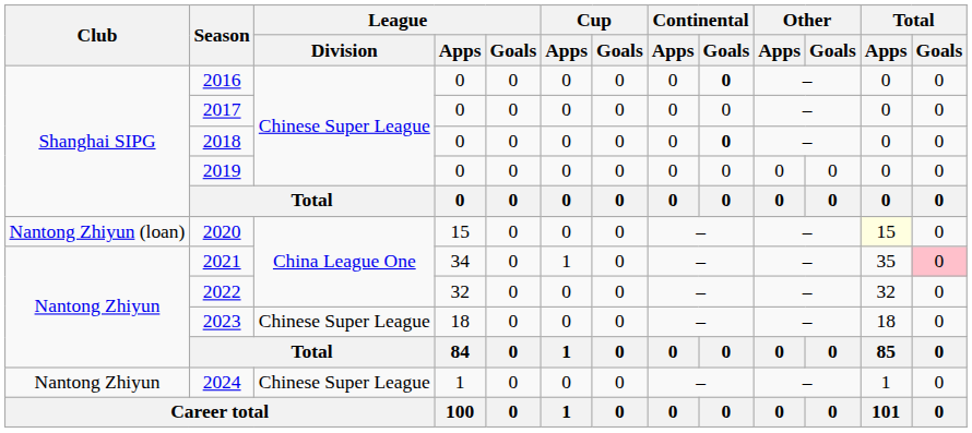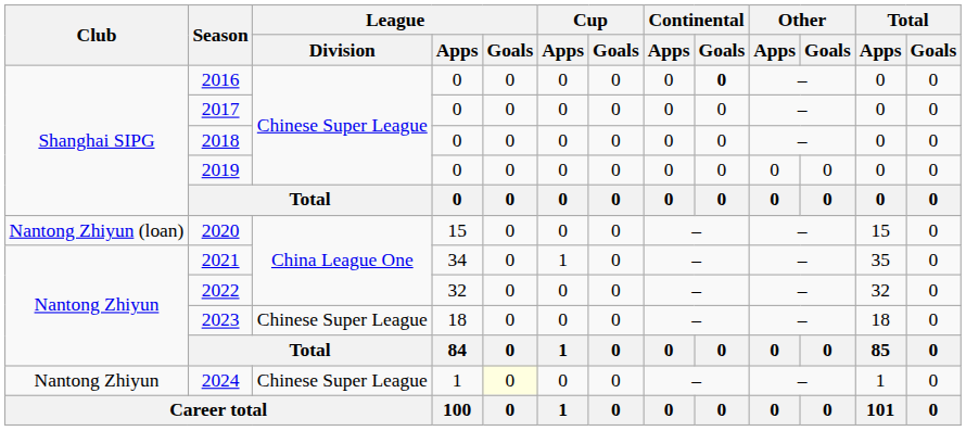 <table class="wikitable" style="text-align: center">
 <tr>
 <th rowspan="2">Club</th>
 <th rowspan="2">Season</th>
 <th colspan="3">League</th>
 <th colspan="2">Cup</th>
 <th colspan="2">Continental</th>
 <th colspan="2">Other</th>
 <th colspan="2">Total</th>
 </tr>
 <tr>
 <th>Division</th>
 <th>Apps</th>
 <th>Goals</th>
 <th>Apps</th>
 <th>Goals</th>
 <th>Apps</th>
 <th>Goals</th>
 <th>Apps</th>
 <th>Goals</th>
 <th>Apps</th>
 <th>Goals</th>
 </tr>
 <tr>
 <td rowspan=5><a href='#'>Shanghai SIPG</a></td>
 <td><a href='#'>2016</a></td>
 <td rowspan=4><a href='#'>Chinese Super League</a></td>
 <td>0</td>
 <td>0</td>
 <td>0</td>
 <td>0</td>
 <td>0</td>
 <td><strong>0</strong></td>
 <td colspan="2">–</td>
 <td>0</td>
 <td>0</td>
 </tr>
 <tr>
 <td><a href='#'>2017</a></td>
 <td>0</td>
 <td>0</td>
 <td>0</td>
 <td>0</td>
 <td>0</td>
 <td>0</td>
 <td colspan="2">–</td>
 <td>0</td>
 <td>0</td>
 </tr>
 <tr>
 <td><a href='#'>2018</a></td>
 <td>0</td>
 <td>0</td>
 <td>0</td>
 <td>0</td>
 <td>0</td>
-<td><strong>0</strong></td>
+<td>0</td>
 <td colspan="2">–</td>
 <td>0</td>
 <td>0</td>
 </tr>
 <tr>
 <td><a href='#'>2019</a></td>
 <td>0</td>
 <td>0</td>
 <td>0</td>
 <td>0</td>
 <td>0</td>
 <td>0</td>
 <td>0</td>
 <td>0</td>
 <td>0</td>
 <td>0</td>
 </tr>
 <tr>
 <th colspan=2>Total</th>
 <th>0</th>
 <th>0</th>
 <th>0</th>
 <th>0</th>
 <th>0</th>
 <th>0</th>
 <th>0</th>
 <th>0</th>
 <th>0</th>
 <th>0</th>
 </tr>
 <tr>
 <td><a href='#'>Nantong Zhiyun</a> (loan)</td>
 <td><a href='#'>2020</a></td>
 <td rowspan="3"><a href='#'>China League One</a></td>
 <td>15</td>
 <td>0</td>
 <td>0</td>
 <td>0</td>
 <td colspan="2">–</td>
 <td colspan="2">–</td>
-<td style="background: lightyellow;">15</td>
+<td>15</td>
 <td>0</td>
 </tr>
 <tr>
 <td rowspan="4"><a href='#'>Nantong Zhiyun</a></td>
 <td><a href='#'>2021</a></td>
 <td>34</td>
 <td>0</td>
 <td>1</td>
 <td>0</td>
 <td colspan="2">–</td>
 <td colspan="2">–</td>
 <td>35</td>
-<td style="background: pink;">0</td>
+<td>0</td>
 </tr>
 <tr>
 <td><a href='#'>2022</a></td>
 <td>32</td>
 <td>0</td>
 <td>0</td>
 <td>0</td>
 <td colspan="2">–</td>
 <td colspan="2">–</td>
 <td>32</td>
 <td>0</td>
 </tr>
 <tr>
 <td><a href='#'>2023</a></td>
 <td>Chinese Super League</td>
 <td>18</td>
 <td>0</td>
 <td>0</td>
 <td>0</td>
 <td colspan="2">–</td>
 <td colspan="2">–</td>
 <td>18</td>
 <td>0</td>
 </tr>
 <tr>
 <th colspan=2>Total</th>
 <th>84</th>
 <th>0</th>
 <th>1</th>
 <th>0</th>
 <th>0</th>
 <th>0</th>
 <th>0</th>
 <th>0</th>
 <th>85</th>
 <th>0</th>
 </tr>
 <tr>
 <td>Nantong Zhiyun</td>
 <td><a href='#'>2024</a></td>
 <td>Chinese Super League</td>
 <td>1</td>
-<td>0</td>
+<td style="background: lightyellow;">0</td>
 <td>0</td>
 <td>0</td>
 <td colspan="2">–</td>
 <td colspan="2">–</td>
 <td>1</td>
 <td>0</td>
 </tr>
 <tr>
 <th colspan=3>Career total</th>
 <th>100</th>
 <th>0</th>
 <th>1</th>
 <th>0</th>
 <th>0</th>
 <th>0</th>
 <th>0</th>
 <th>0</th>
 <th>101</th>
 <th>0</th>
 </tr>
 </table>
